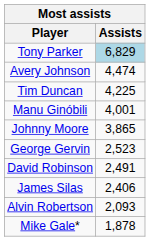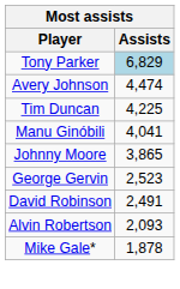 <table class="wikitable sortable" style="text-align:center">
 <tr>
 <th colspan="2">Most assists</th>
 </tr>
 <tr>
 <th>Player</th>
 <th>Assists</th>
 </tr>
 <tr>
 <td><a href='#'>Tony Parker</a></td>
 <td style="background: lightblue;">6,829</td>
 </tr>
 <tr>
 <td><a href='#'>Avery Johnson</a></td>
 <td>4,474</td>
 </tr>
 <tr>
 <td><a href='#'>Tim Duncan</a></td>
 <td>4,225</td>
 </tr>
 <tr>
 <td><a href='#'>Manu Ginóbili</a></td>
-<td>4,001</td>
+<td>4,041</td>
 </tr>
 <tr>
 <td><a href='#'>Johnny Moore</a></td>
 <td>3,865</td>
 </tr>
 <tr>
 <td><a href='#'>George Gervin</a></td>
 <td>2,523</td>
 </tr>
 <tr>
 <td><a href='#'>David Robinson</a></td>
 <td>2,491</td>
 </tr>
 <tr>
-<td><a href='#'>James Silas</a></td>
-<td>2,406</td>
-</tr>
-<tr>
 <td><a href='#'>Alvin Robertson</a></td>
 <td>2,093</td>
 </tr>
 <tr>
 <td><a href='#'>Mike Gale</a>*</td>
 <td>1,878</td>
 </tr>
 </table>
